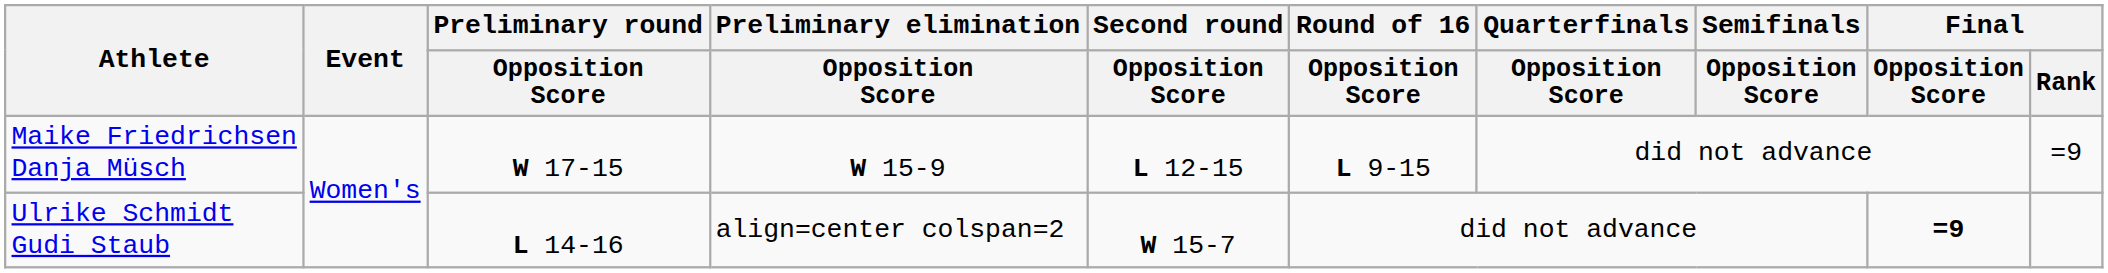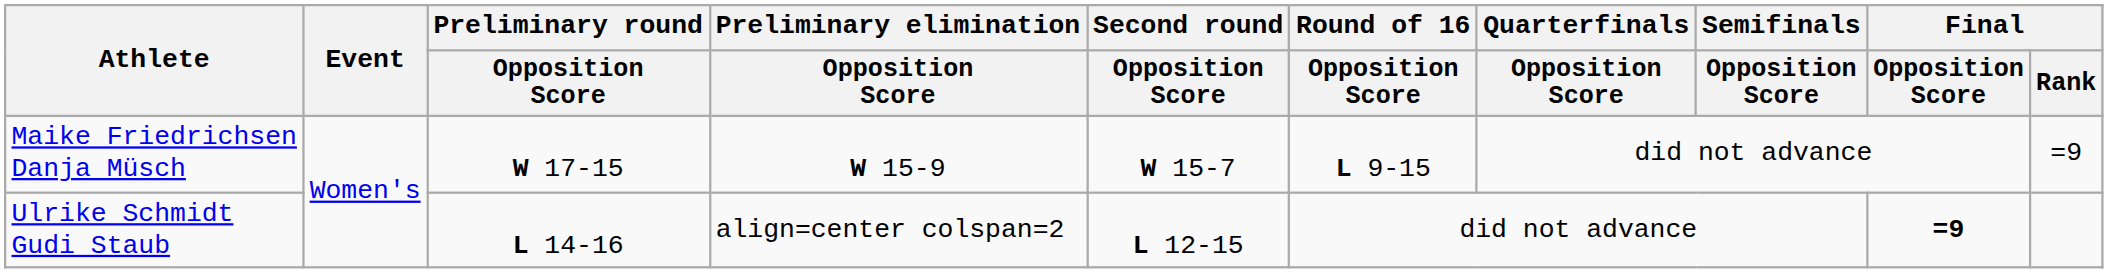 <table class=wikitable style="font-size:90%">
 <tr>
 <th rowspan="2">Athlete</th>
 <th rowspan="2">Event</th>
 <th>Preliminary round</th>
 <th>Preliminary elimination</th>
 <th>Second round</th>
 <th>Round of 16</th>
 <th>Quarterfinals</th>
 <th>Semifinals</th>
 <th colspan=2>Final</th>
 </tr>
 <tr style="font-size:95%">
 <th>Opposition<br>Score</th>
 <th>Opposition<br>Score</th>
 <th>Opposition<br>Score</th>
 <th>Opposition<br>Score</th>
 <th>Opposition<br>Score</th>
 <th>Opposition<br>Score</th>
 <th>Opposition<br>Score</th>
 <th>Rank</th>
 </tr>
 <tr>
 <td align=left><a href='#'>Maike Friedrichsen</a><br><a href='#'>Danja Müsch</a></td>
 <td align=left rowspan=2><a href='#'>Women's</a></td>
 <td align=center><br><strong>W</strong> 17-15</td>
 <td align=center><br><strong>W</strong> 15-9</td>
-<td align=center><br><strong>L</strong> 12-15</td>
+<td align=center><br><strong>W</strong> 15-7</td>
 <td align=center><br><strong>L</strong> 9-15</td>
 <td align=center colspan=3>did not advance</td>
 <td align=center>=9</td>
 </tr>
 <tr>
 <td align=left><a href='#'>Ulrike Schmidt</a><br> <a href='#'>Gudi Staub</a></td>
 <td align=center><br><strong>L</strong> 14-16</td>
 <td>align=center colspan=2 </td>
-<td align=center><br><strong>W</strong> 15-7</td>
+<td align=center><br><strong>L</strong> 12-15</td>
 <td align=center colspan=3>did not advance</td>
 <td align=center><strong>=9</strong></td>
 </tr>
 </table>
